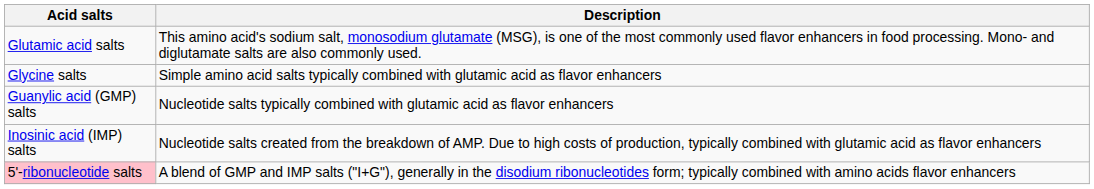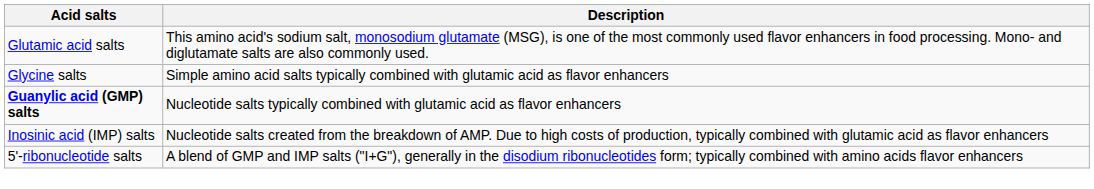 <table class="wikitable">
 <tr>
 <th>Acid salts</th>
 <th>Description</th>
 </tr>
 <tr>
 <td><a href='#'>Glutamic acid</a> salts</td>
 <td>This amino acid's sodium salt, <a href='#'>monosodium glutamate</a> (MSG), is one of the most commonly used flavor enhancers in food processing. Mono- and diglutamate salts are also commonly used.</td>
 </tr>
 <tr>
 <td><a href='#'>Glycine</a> salts</td>
 <td>Simple amino acid salts typically combined with glutamic acid as flavor enhancers</td>
 </tr>
 <tr>
-<td><a href='#'>Guanylic acid</a> (GMP) salts</td>
+<td><strong><a href='#'>Guanylic acid</a> (GMP) salts</strong></td>
 <td>Nucleotide salts typically combined with glutamic acid as flavor enhancers</td>
 </tr>
 <tr>
 <td><a href='#'>Inosinic acid</a> (IMP) salts</td>
 <td>Nucleotide salts created from the breakdown of AMP. Due to high costs of production, typically combined with glutamic acid as flavor enhancers</td>
 </tr>
 <tr>
-<td style="background: pink;">5'-<a href='#'>ribonucleotide</a> salts</td>
+<td>5'-<a href='#'>ribonucleotide</a> salts</td>
 <td>A blend of GMP and IMP salts ("I+G"), generally in the <a href='#'>disodium ribonucleotides</a> form; typically combined with amino acids flavor enhancers</td>
 </tr>
 </table>
